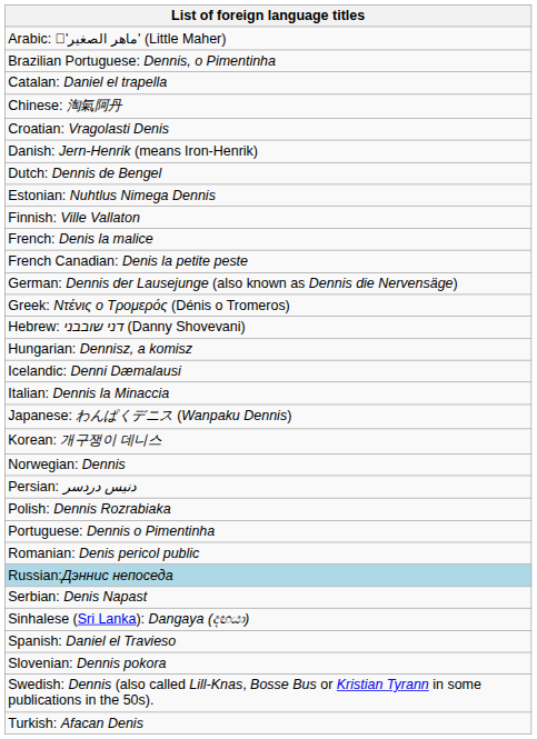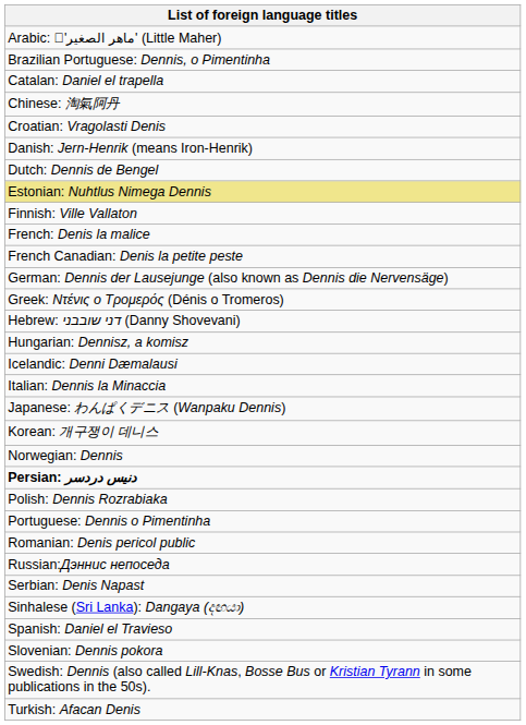 <table class="wikitable collapsible collapsed">
 <tr>
 <th>List of foreign language titles</th>
 </tr>
 <tr>
 <td>Arabic: 'ّماهر الصغير' (Little Maher)</td>
 </tr>
 <tr>
 <td>Brazilian Portuguese: <em>Dennis, o Pimentinha</em></td>
 </tr>
 <tr>
 <td>Catalan: <em>Daniel el trapella</em></td>
 </tr>
 <tr>
 <td>Chinese: <em>淘氣阿丹</em></td>
 </tr>
 <tr>
 <td>Croatian: <em>Vragolasti Denis</em></td>
 </tr>
 <tr>
 <td>Danish: <em>Jern-Henrik</em> (means Iron-Henrik)</td>
 </tr>
 <tr>
 <td>Dutch: <em>Dennis de Bengel</em></td>
 </tr>
 <tr>
-<td>Estonian: <em>Nuhtlus Nimega Dennis</em></td>
+<td style="background: khaki;">Estonian: <em>Nuhtlus Nimega Dennis</em></td>
 </tr>
 <tr>
 <td>Finnish: <em>Ville Vallaton</em></td>
 </tr>
 <tr>
 <td>French: <em>Denis la malice</em></td>
 </tr>
 <tr>
 <td>French Canadian: <em>Denis la petite peste</em></td>
 </tr>
 <tr>
 <td>German: <em>Dennis der Lausejunge</em> (also known as <em>Dennis die Nervensäge</em>)</td>
 </tr>
 <tr>
 <td>Greek: <em>Ντένις ο Τρομερός</em> (Dénis o Tromeros)</td>
 </tr>
 <tr>
 <td>Hebrew: <em>דני שובבני</em> (Danny Shovevani)</td>
 </tr>
 <tr>
 <td>Hungarian: <em>Dennisz, a komisz</em></td>
 </tr>
 <tr>
 <td>Icelandic: <em>Denni Dæmalausi</em></td>
 </tr>
 <tr>
 <td>Italian: <em>Dennis la Minaccia</em></td>
 </tr>
 <tr>
 <td>Japanese: <em>わんぱくデニス</em> (<em>Wanpaku Dennis</em>)</td>
 </tr>
 <tr>
 <td>Korean: <em>개구쟁이 데니스</em></td>
 </tr>
 <tr>
 <td>Norwegian: <em>Dennis</em></td>
 </tr>
 <tr>
-<td>Persian: <em>دنیس دردسر</em></td>
+<td><strong>Persian: <em>دنیس دردسر</em></strong></td>
 </tr>
 <tr>
 <td>Polish: <em>Dennis Rozrabiaka</em></td>
 </tr>
 <tr>
 <td>Portuguese: <em>Dennis o Pimentinha</em></td>
 </tr>
 <tr>
 <td>Romanian: <em>Denis pericol public</em></td>
 </tr>
 <tr>
-<td style="background: lightblue;">Russian:<em>Дэннис непоседа</em></td>
+<td>Russian:<em>Дэннис непоседа</em></td>
 </tr>
 <tr>
 <td>Serbian: <em>Denis Napast</em></td>
 </tr>
 <tr>
 <td>Sinhalese (<a href='#'>Sri Lanka</a>): <em>Dangaya (දඟයා)</em></td>
 </tr>
 <tr>
 <td>Spanish: <em>Daniel el Travieso</em></td>
 </tr>
 <tr>
 <td>Slovenian: <em>Dennis pokora</em></td>
 </tr>
 <tr>
 <td>Swedish: <em>Dennis</em> (also called <em>Lill-Knas</em>, <em>Bosse Bus</em> or <em><a href='#'>Kristian Tyrann</a></em> in some publications in the 50s).</td>
 </tr>
 <tr>
 <td>Turkish: <em>Afacan Denis</em></td>
 </tr>
 </table>
